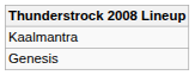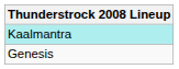 <table class="wikitable">
 <tr>
 <th>Thunderstrock 2008 Lineup</th>
 </tr>
 <tr>
-<td>Kaalmantra</td>
+<td style="background: paleturquoise;">Kaalmantra</td>
 </tr>
 <tr>
 <td>Genesis</td>
 </tr>
 </table>
